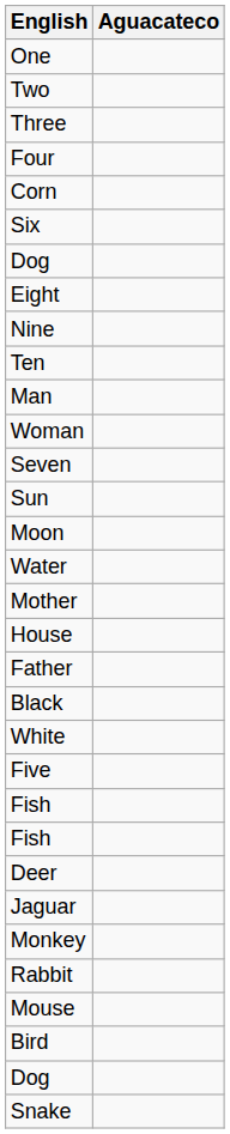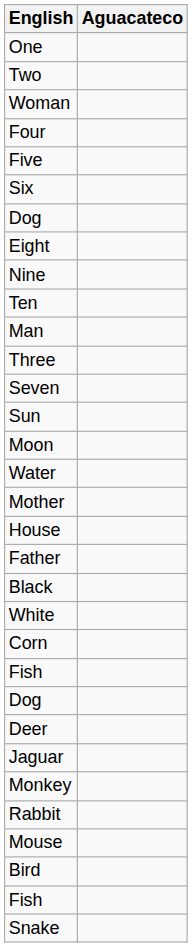 <table class="wikitable">
 <tr>
 <th>English</th>
 <th>Aguacateco</th>
 </tr>
 <tr>
 <td>One</td>
 <td></td>
 </tr>
 <tr>
 <td>Two</td>
 <td></td>
 </tr>
 <tr>
-<td>Three</td>
+<td>Woman</td>
 <td></td>
 </tr>
 <tr>
 <td>Four</td>
 <td></td>
 </tr>
 <tr>
-<td>Corn</td>
+<td>Five</td>
 <td></td>
 </tr>
 <tr>
 <td>Six</td>
 <td></td>
 </tr>
 <tr>
 <td>Dog</td>
 <td></td>
 </tr>
 <tr>
 <td>Eight</td>
 <td></td>
 </tr>
 <tr>
 <td>Nine</td>
 <td></td>
 </tr>
 <tr>
 <td>Ten</td>
 <td></td>
 </tr>
 <tr>
 <td>Man</td>
 <td></td>
 </tr>
 <tr>
-<td>Woman</td>
+<td>Three</td>
 <td></td>
 </tr>
 <tr>
 <td>Seven</td>
 <td></td>
 </tr>
 <tr>
 <td>Sun</td>
 <td></td>
 </tr>
 <tr>
 <td>Moon</td>
 <td></td>
 </tr>
 <tr>
 <td>Water</td>
 <td></td>
 </tr>
 <tr>
 <td>Mother</td>
 <td></td>
 </tr>
 <tr>
 <td>House</td>
 <td></td>
 </tr>
 <tr>
 <td>Father</td>
 <td></td>
 </tr>
 <tr>
 <td>Black</td>
 <td></td>
 </tr>
 <tr>
 <td>White</td>
 <td></td>
 </tr>
 <tr>
-<td>Five</td>
+<td>Corn</td>
 <td></td>
 </tr>
 <tr>
 <td>Fish</td>
 <td></td>
 </tr>
 <tr>
-<td>Fish</td>
+<td>Dog</td>
 <td></td>
 </tr>
 <tr>
 <td>Deer</td>
 <td></td>
 </tr>
 <tr>
 <td>Jaguar</td>
 <td></td>
 </tr>
 <tr>
 <td>Monkey</td>
 <td></td>
 </tr>
 <tr>
 <td>Rabbit</td>
 <td></td>
 </tr>
 <tr>
 <td>Mouse</td>
 <td></td>
 </tr>
 <tr>
 <td>Bird</td>
 <td></td>
 </tr>
 <tr>
-<td>Dog</td>
+<td>Fish</td>
 <td></td>
 </tr>
 <tr>
 <td>Snake</td>
 <td></td>
 </tr>
 </table>
